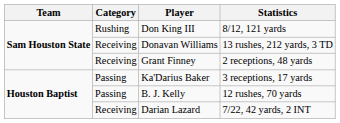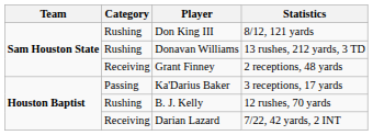 <table class="wikitable" style="float: left;">
 <tr>
 <th>Team</th>
 <th>Category</th>
 <th>Player</th>
 <th>Statistics</th>
 </tr>
 <tr>
 <td rowspan=3><strong>Sam Houston State</strong></td>
 <td>Rushing</td>
 <td>Don King III</td>
 <td>8/12, 121 yards</td>
 </tr>
 <tr>
-<td>Receiving</td>
+<td>Rushing</td>
 <td>Donavan Williams</td>
 <td>13 rushes, 212 yards, 3 TD</td>
 </tr>
 <tr>
 <td>Receiving</td>
 <td>Grant Finney</td>
 <td>2 receptions, 48 yards</td>
 </tr>
 <tr>
 <td rowspan=3><strong>Houston Baptist</strong></td>
 <td>Passing</td>
 <td>Ka'Darius Baker</td>
 <td>3 receptions, 17 yards</td>
 </tr>
 <tr>
-<td>Passing</td>
+<td>Rushing</td>
 <td>B. J. Kelly</td>
 <td>12 rushes, 70 yards</td>
 </tr>
 <tr>
 <td>Receiving</td>
 <td>Darian Lazard</td>
 <td>7/22, 42 yards, 2 INT</td>
 </tr>
 </table>
